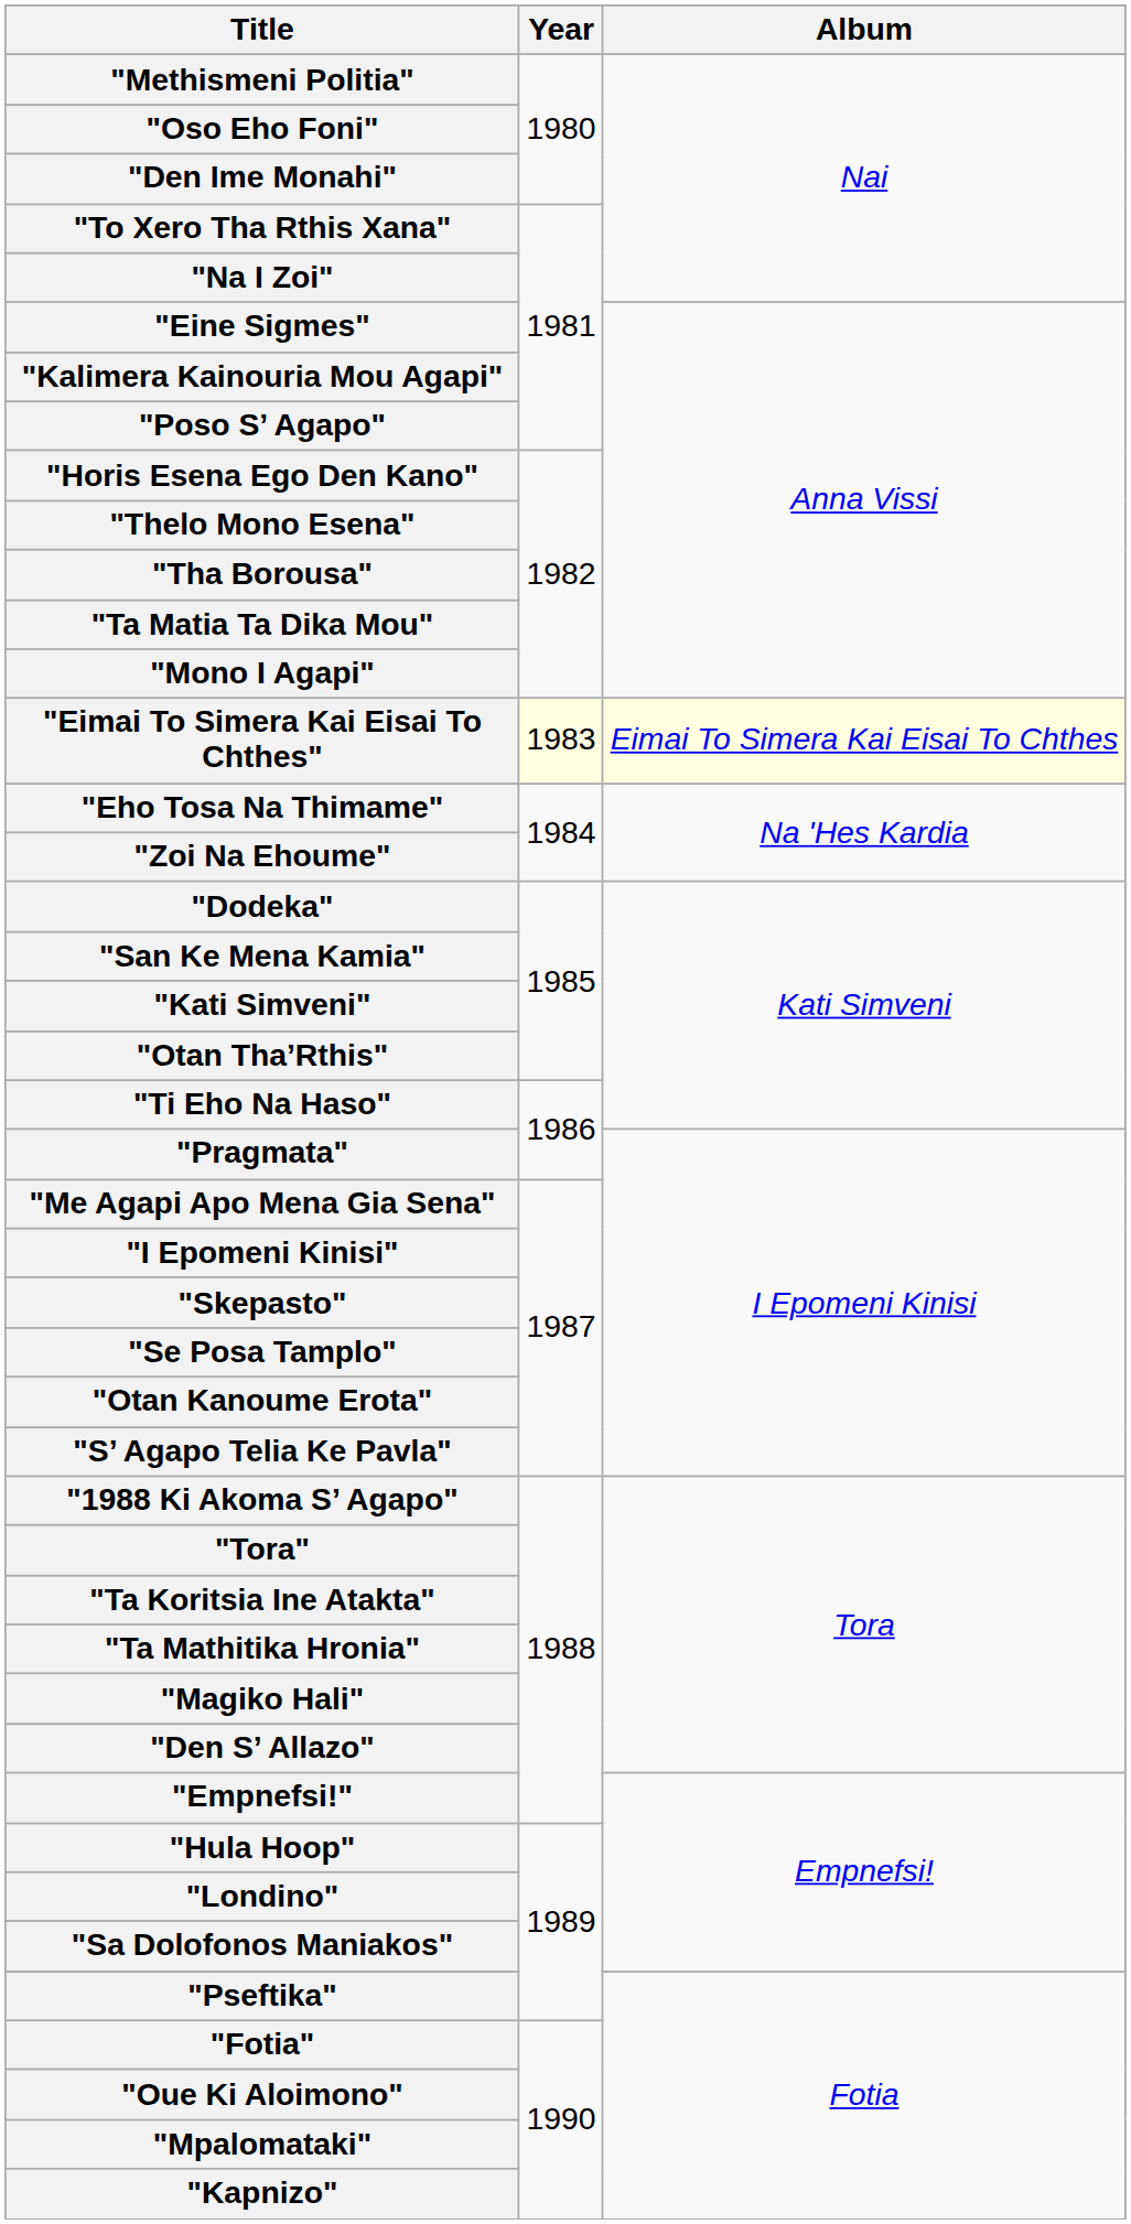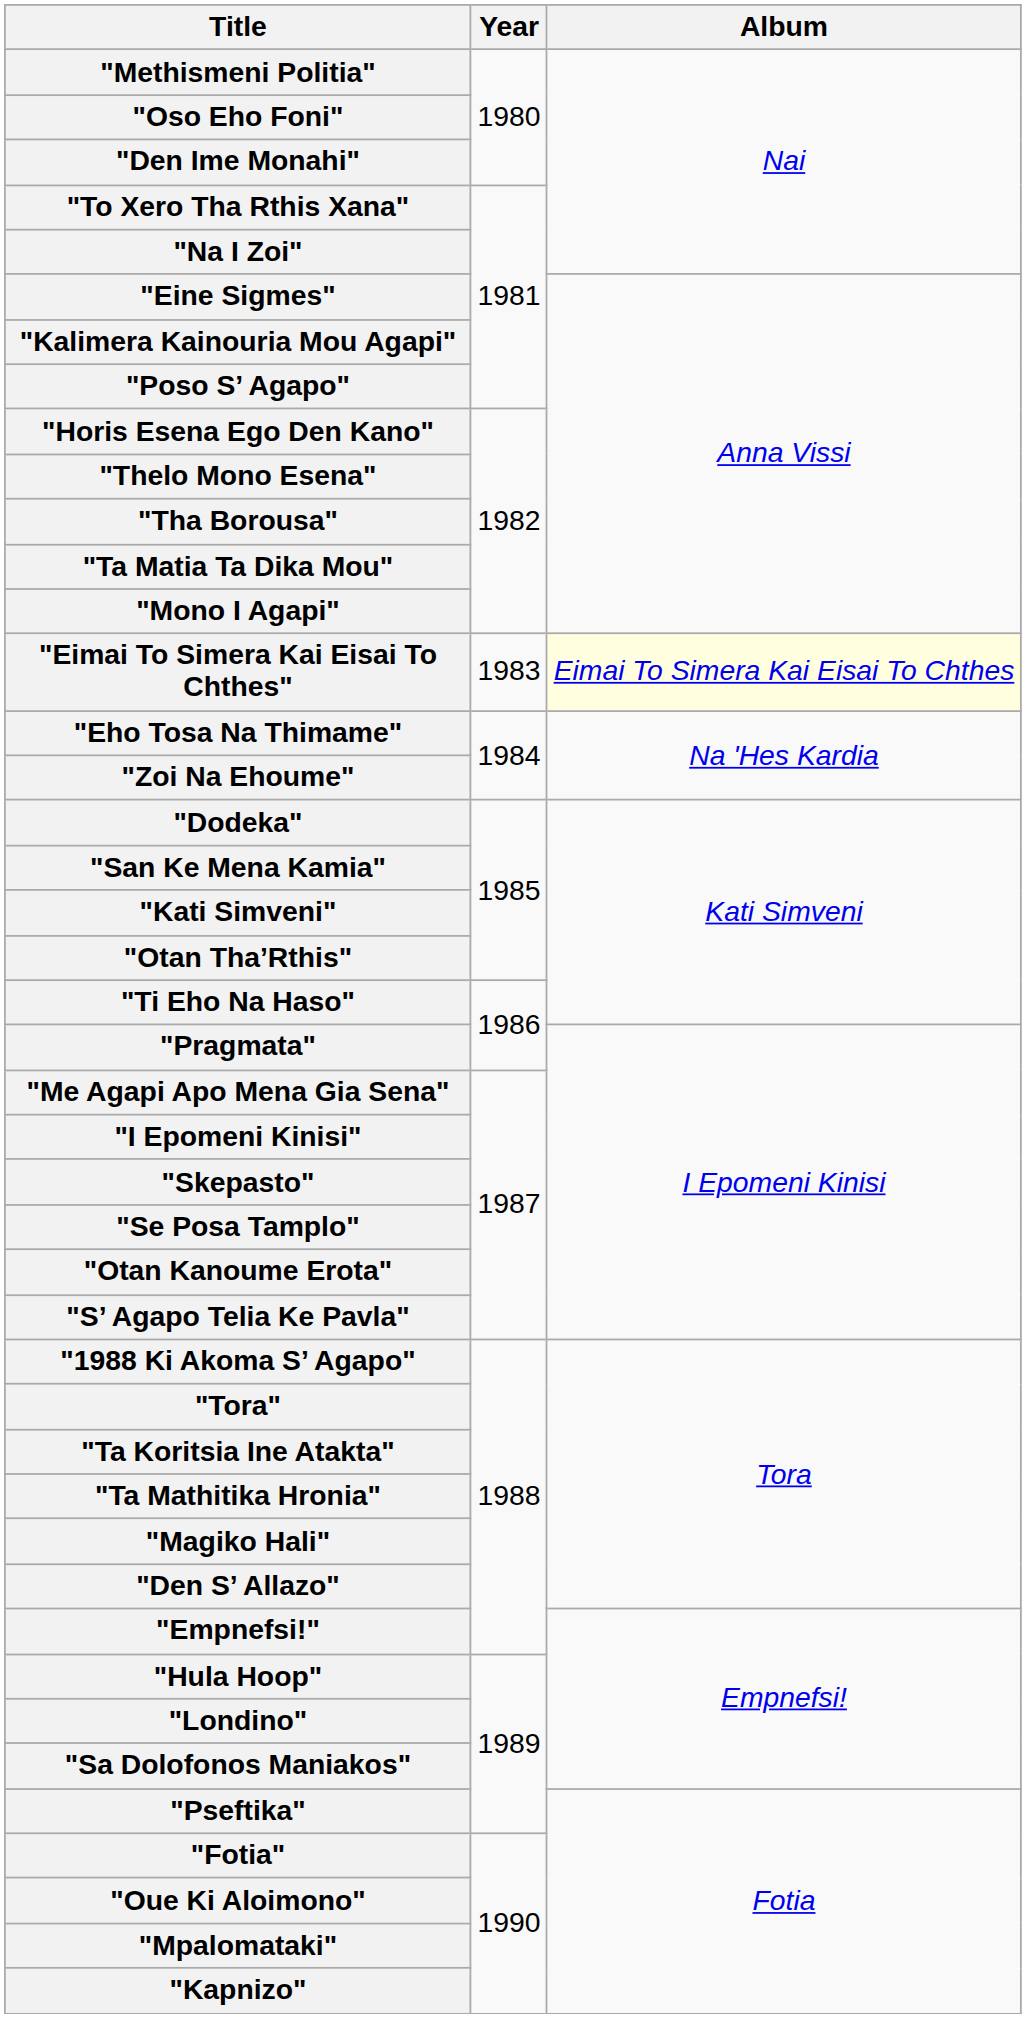 <table class="wikitable plainrowheaders" style="text-align:center;">
 <tr>
 <th scope="col" style="width:16em;">Title</th>
 <th scope="col">Year</th>
 <th scope="col">Album</th>
 </tr>
 <tr>
 <th scope="row">"Methismeni Politia"</th>
 <td rowspan="3">1980</td>
 <td rowspan="5"><em><a href='#'>Nai</a></em></td>
 </tr>
 <tr>
 <th scope="row">"Oso Eho Foni"</th>
 </tr>
 <tr>
 <th scope="row">"Den Ime Monahi"</th>
 </tr>
 <tr>
 <th scope="row">"To Xero Tha Rthis Xana"</th>
 <td rowspan="5">1981</td>
 </tr>
 <tr>
 <th scope="row">"Na I Zoi"</th>
 </tr>
 <tr>
 <th scope="row">"Eine Sigmes"</th>
 <td rowspan="8"><em><a href='#'>Anna Vissi</a></em></td>
 </tr>
 <tr>
 <th scope="row">"Kalimera Kainouria Mou Agapi"</th>
 </tr>
 <tr>
 <th scope="row">"Poso S’ Agapo"</th>
 </tr>
 <tr>
 <th scope="row">"Horis Esena Ego Den Kano"</th>
 <td rowspan="5">1982</td>
 </tr>
 <tr>
 <th scope="row">"Thelo Mono Esena"</th>
 </tr>
 <tr>
 <th scope="row">"Tha Borousa"</th>
 </tr>
 <tr>
 <th scope="row">"Ta Matia Ta Dika Mou"</th>
 </tr>
 <tr>
 <th scope="row">"Mono I Agapi"</th>
 </tr>
 <tr>
 <th scope="row">"Eimai To Simera Kai Eisai To Chthes"</th>
-<td style="background: lightyellow;">1983</td>
+<td>1983</td>
 <td style="background: lightyellow;"><em><a href='#'>Eimai To Simera Kai Eisai To Chthes</a></em></td>
 </tr>
 <tr>
 <th scope="row">"Eho Tosa Na Thimame"</th>
 <td rowspan="2">1984</td>
 <td rowspan="2"><em><a href='#'>Na 'Hes Kardia</a> </em></td>
 </tr>
 <tr>
 <th scope="row">"Zoi Na Ehoume"</th>
 </tr>
 <tr>
 <th scope="row">"Dodeka"</th>
 <td rowspan="4">1985</td>
 <td rowspan="5"><em><a href='#'>Kati Simveni</a> </em></td>
 </tr>
 <tr>
 <th scope="row">"San Ke Mena Kamia"</th>
 </tr>
 <tr>
 <th scope="row">"Kati Simveni"</th>
 </tr>
 <tr>
 <th scope="row">"Otan Tha’Rthis"</th>
 </tr>
 <tr>
 <th scope="row">"Ti Eho Na Haso"</th>
 <td rowspan="2">1986</td>
 </tr>
 <tr>
 <th scope="row">"Pragmata"</th>
 <td rowspan="7"><em><a href='#'>I Epomeni Kinisi</a> </em></td>
 </tr>
 <tr>
 <th scope="row">"Me Agapi Apo Mena Gia Sena"</th>
 <td rowspan="6">1987</td>
 </tr>
 <tr>
 <th scope="row">"I Epomeni Kinisi"</th>
 </tr>
 <tr>
 <th scope="row">"Skepasto"</th>
 </tr>
 <tr>
 <th scope="row">"Se Posa Tamplo"</th>
 </tr>
 <tr>
 <th scope="row">"Otan Kanoume Erota"</th>
 </tr>
 <tr>
 <th scope="row">"S’ Agapo Telia Ke Pavla"</th>
 </tr>
 <tr>
 <th scope="row">"1988 Ki Akoma S’ Agapo"</th>
 <td rowspan="7">1988</td>
 <td rowspan="6"><em><a href='#'>Tora</a></em></td>
 </tr>
 <tr>
 <th scope="row">"Tora"</th>
 </tr>
 <tr>
 <th scope="row">"Ta Koritsia Ine Atakta"</th>
 </tr>
 <tr>
 <th scope="row">"Ta Mathitika Hronia"</th>
 </tr>
 <tr>
 <th scope="row">"Magiko Hali"</th>
 </tr>
 <tr>
 <th scope="row">"Den S’ Allazo"</th>
 </tr>
 <tr>
 <th scope="row">"Empnefsi!"</th>
 <td rowspan="4"><em><a href='#'>Empnefsi!</a></em></td>
 </tr>
 <tr>
 <th scope="row">"Hula Hoop"</th>
 <td rowspan="4">1989</td>
 </tr>
 <tr>
 <th scope="row">"Londino"</th>
 </tr>
 <tr>
 <th scope="row">"Sa Dolofonos Maniakos"</th>
 </tr>
 <tr>
 <th scope="row">"Pseftika"</th>
 <td rowspan="5"><em><a href='#'>Fotia</a></em></td>
 </tr>
 <tr>
 <th scope="row">"Fotia"</th>
 <td rowspan="4">1990</td>
 </tr>
 <tr>
 <th scope="row">"Oue Ki Aloimono"</th>
 </tr>
 <tr>
 <th scope="row">"Mpalomataki"</th>
 </tr>
 <tr>
 <th scope="row">"Kapnizo"</th>
 </tr>
 </table>
